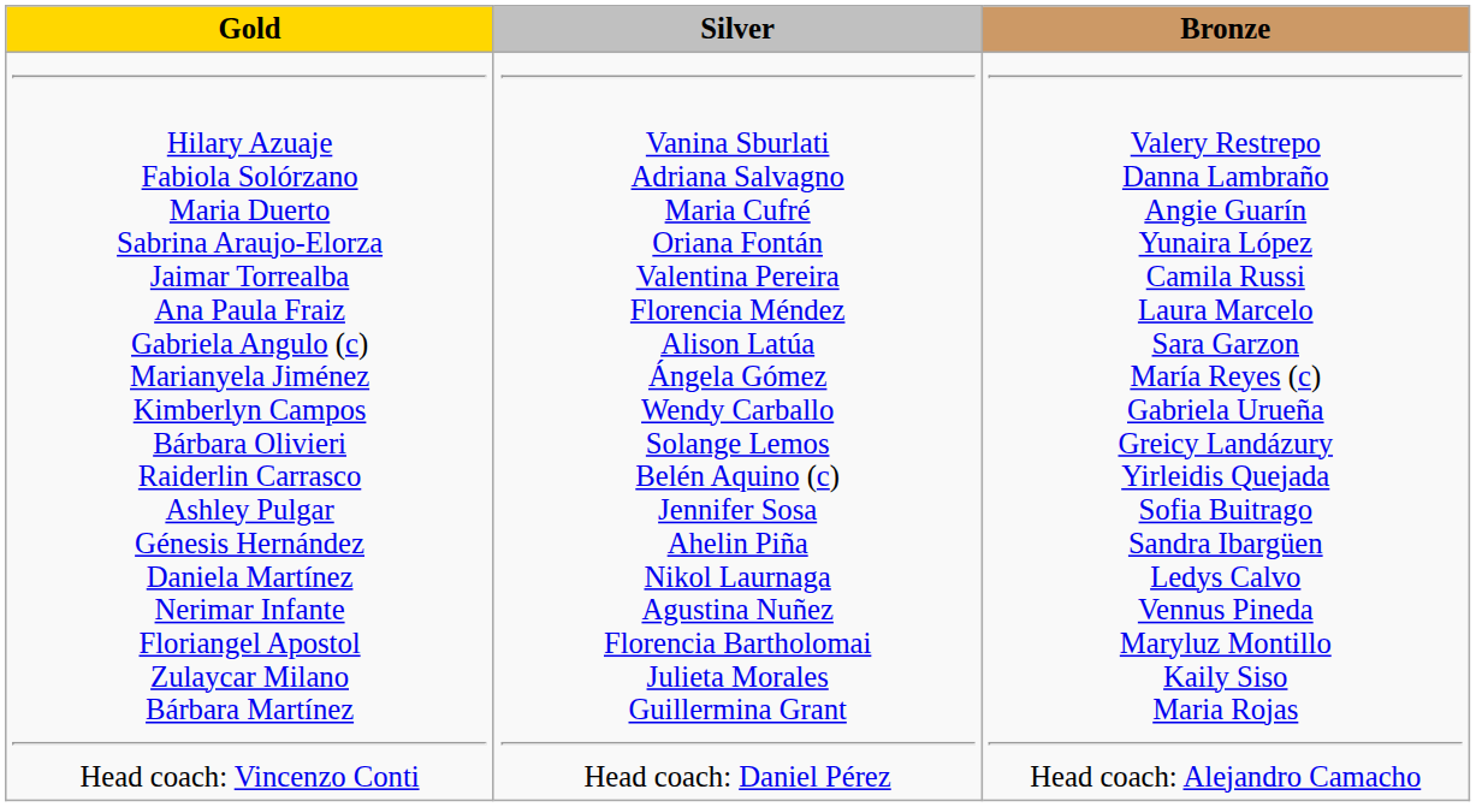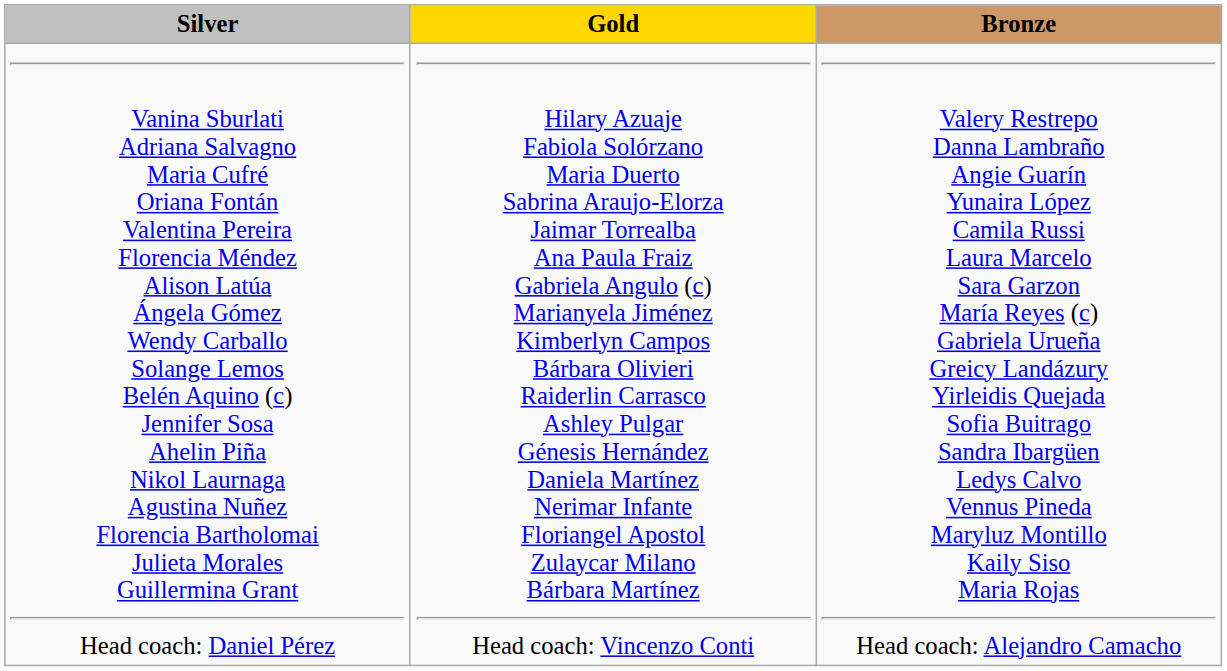 <table class="wikitable" style="text-align:center;">
 <tr>
+<td style="width: 16em;background: silver"><strong>Silver</strong></td>
 <td style="width: 16em;background: gold"><strong>Gold</strong></td>
-<td style="width: 16em;background: silver"><strong>Silver</strong></td>
 <td style="width: 16em;background: #CC9966"><strong>Bronze</strong></td>
 </tr>
 <tr>
+<td align=top><strong></strong><hr><br><a href='#'>Vanina Sburlati</a><br><a href='#'>Adriana Salvagno</a><br><a href='#'>Maria Cufré</a><br><a href='#'>Oriana Fontán</a><br><a href='#'>Valentina Pereira</a><br><a href='#'>Florencia Méndez</a><br><a href='#'>Alison Latúa</a><br><a href='#'>Ángela Gómez</a><br><a href='#'>Wendy Carballo</a><br><a href='#'>Solange Lemos</a><br><a href='#'>Belén Aquino</a> (<a href='#'>c</a>)<br><a href='#'>Jennifer Sosa</a><br><a href='#'>Ahelin Piña</a><br><a href='#'>Nikol Laurnaga</a><br><a href='#'>Agustina Nuñez</a><br><a href='#'>Florencia Bartholomai</a><br><a href='#'>Julieta Morales</a><br><a href='#'>Guillermina Grant</a><br><hr>Head coach: <a href='#'>Daniel Pérez</a></td>
 <td align=top><strong></strong><hr><br><a href='#'>Hilary Azuaje</a><br><a href='#'>Fabiola Solórzano</a><br><a href='#'>Maria Duerto</a><br><a href='#'>Sabrina Araujo-Elorza</a><br><a href='#'>Jaimar Torrealba</a><br><a href='#'>Ana Paula Fraiz</a><br><a href='#'>Gabriela Angulo</a> (<a href='#'>c</a>)<br><a href='#'>Marianyela Jiménez</a><br><a href='#'>Kimberlyn Campos</a><br><a href='#'>Bárbara Olivieri</a><br><a href='#'>Raiderlin Carrasco</a><br><a href='#'>Ashley Pulgar</a><br><a href='#'>Génesis Hernández</a><br><a href='#'>Daniela Martínez</a><br><a href='#'>Nerimar Infante</a><br><a href='#'>Floriangel Apostol</a><br><a href='#'>Zulaycar Milano</a><br><a href='#'>Bárbara Martínez</a><br><hr>Head coach: <a href='#'>Vincenzo Conti</a></td>
-<td align=top><strong></strong><hr><br><a href='#'>Vanina Sburlati</a><br><a href='#'>Adriana Salvagno</a><br><a href='#'>Maria Cufré</a><br><a href='#'>Oriana Fontán</a><br><a href='#'>Valentina Pereira</a><br><a href='#'>Florencia Méndez</a><br><a href='#'>Alison Latúa</a><br><a href='#'>Ángela Gómez</a><br><a href='#'>Wendy Carballo</a><br><a href='#'>Solange Lemos</a><br><a href='#'>Belén Aquino</a> (<a href='#'>c</a>)<br><a href='#'>Jennifer Sosa</a><br><a href='#'>Ahelin Piña</a><br><a href='#'>Nikol Laurnaga</a><br><a href='#'>Agustina Nuñez</a><br><a href='#'>Florencia Bartholomai</a><br><a href='#'>Julieta Morales</a><br><a href='#'>Guillermina Grant</a><br><hr>Head coach: <a href='#'>Daniel Pérez</a></td>
 <td align=top><strong></strong><hr><br><a href='#'>Valery Restrepo</a><br><a href='#'>Danna Lambraño</a><br><a href='#'>Angie Guarín</a><br><a href='#'>Yunaira López</a><br><a href='#'>Camila Russi</a><br><a href='#'>Laura Marcelo</a><br><a href='#'>Sara Garzon</a><br><a href='#'>María Reyes</a> (<a href='#'>c</a>)<br><a href='#'>Gabriela Urueña</a><br><a href='#'>Greicy Landázury</a><br><a href='#'>Yirleidis Quejada</a><br><a href='#'>Sofia Buitrago</a><br><a href='#'>Sandra Ibargüen</a><br><a href='#'>Ledys Calvo</a><br><a href='#'>Vennus Pineda</a><br><a href='#'>Maryluz Montillo</a><br><a href='#'>Kaily Siso</a><br><a href='#'>Maria Rojas</a><br><hr>Head coach: <a href='#'>Alejandro Camacho</a></td>
 </tr>
 </table>
